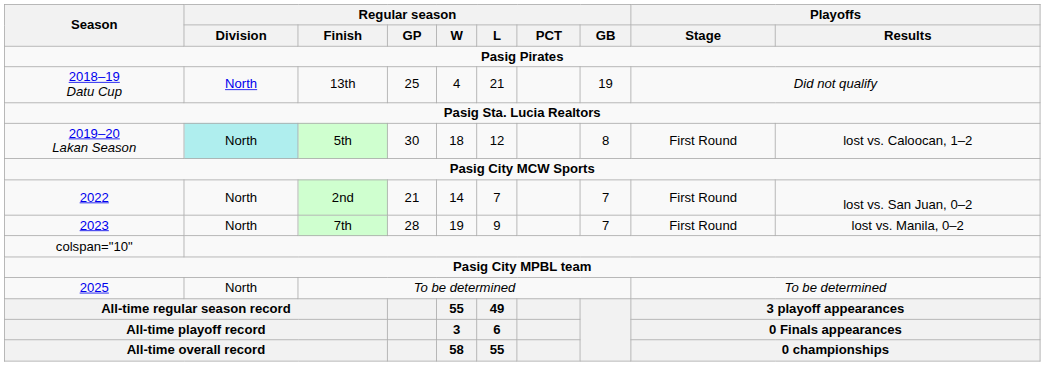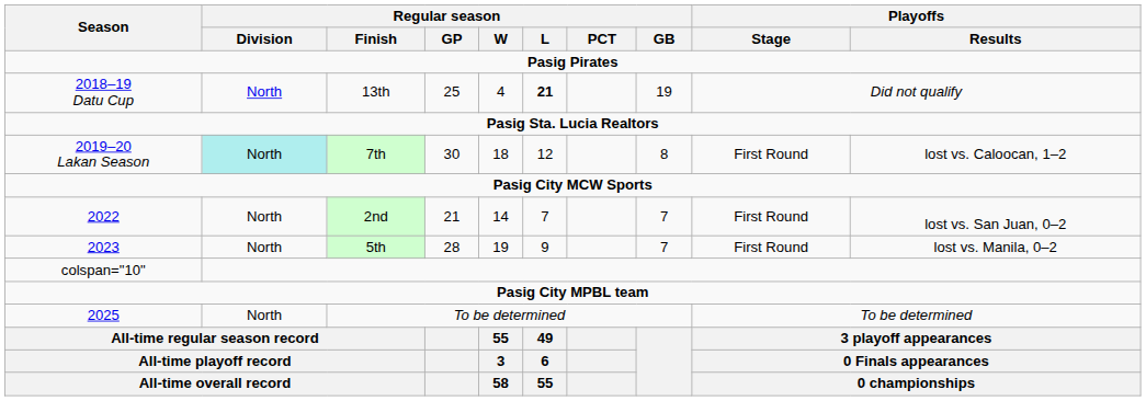 <table class=wikitable style="width:100%; text-align:center">
 <tr>
 <th rowspan="2">Season</th>
 <th colspan="7">Regular season</th>
 <th colspan="2">Playoffs</th>
 </tr>
 <tr>
 <th>Division</th>
 <th>Finish</th>
 <th>GP</th>
 <th>W</th>
 <th>L</th>
 <th>PCT</th>
 <th>GB</th>
 <th>Stage</th>
 <th>Results</th>
 </tr>
 <tr>
 <td colspan=10><span><strong>Pasig Pirates</strong></span></td>
 </tr>
 <tr>
 <td><a href='#'>2018–19</a> <br> <em>Datu Cup</em></td>
 <td><a href='#'>North</a></td>
 <td>13th</td>
 <td>25</td>
 <td>4</td>
-<td>21</td>
+<td><strong>21</strong></td>
 <td></td>
 <td>19</td>
 <td colspan="2"><em>Did not qualify</em></td>
 </tr>
 <tr>
 <td colspan=10><span><strong>Pasig Sta. Lucia Realtors</strong></span></td>
 </tr>
 <tr>
 <td><a href='#'>2019–20</a> <br> <em>Lakan Season</em></td>
 <td style="background: paleturquoise;">North</td>
-<td bgcolor="CFFFCF">5th</td>
+<td bgcolor="CFFFCF">7th</td>
 <td>30</td>
 <td>18</td>
 <td>12</td>
 <td></td>
 <td>8</td>
 <td>First Round</td>
 <td>lost vs. Caloocan, 1–2</td>
 </tr>
 <tr>
 <td colspan=10><span><strong>Pasig City MCW Sports</strong></span></td>
 </tr>
 <tr>
 <td><a href='#'>2022</a></td>
 <td>North</td>
 <td bgcolor="CFFFCF">2nd</td>
 <td>21</td>
 <td>14</td>
 <td>7</td>
 <td></td>
 <td>7</td>
 <td>First Round<br></td>
 <td><strong></strong><br>lost vs. San Juan, 0–2</td>
 </tr>
 <tr>
 <td><a href='#'>2023</a></td>
 <td>North</td>
-<td bgcolor="CFFFCF">7th</td>
+<td bgcolor="CFFFCF">5th</td>
 <td>28</td>
 <td>19</td>
 <td>9</td>
 <td></td>
 <td>7</td>
 <td>First Round</td>
 <td>lost vs. Manila, 0–2</td>
 </tr>
 <tr>
 <td>colspan="10" </td>
 </tr>
 <tr>
 <td colspan=10><span><strong>Pasig City MPBL team</strong></span></td>
 </tr>
 <tr>
 <td><a href='#'>2025</a></td>
 <td>North</td>
 <td colspan=6><em>To be determined</em></td>
 <td colspan=2><em>To be determined</em></td>
 </tr>
 <tr>
 <th colspan="3">All-time regular season record</th>
 <th></th>
 <th>55</th>
 <th>49</th>
 <th></th>
 <th rowspan="3"></th>
 <th colspan="2">3 playoff appearances</th>
 </tr>
 <tr>
 <th colspan="3">All-time playoff record</th>
 <th></th>
 <th>3</th>
 <th>6</th>
 <th></th>
 <th colspan="2">0 Finals appearances</th>
 </tr>
 <tr>
 <th colspan="3">All-time overall record</th>
 <th></th>
 <th>58</th>
 <th>55</th>
 <th></th>
 <th colspan="2">0 championships</th>
 </tr>
 </table>
